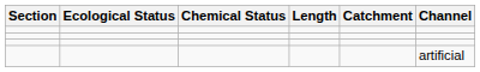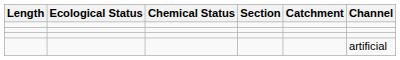 <table class="wikitable">
 <tr>
-<th>Section</th>
+<th>Length</th>
 <th>Ecological Status</th>
 <th>Chemical Status</th>
-<th>Length</th>
+<th>Section</th>
 <th>Catchment</th>
 <th>Channel</th>
 </tr>
 <tr>
 <td></td>
 <td></td>
 <td></td>
 <td></td>
 <td></td>
 <td></td>
 </tr>
 <tr>
 <td></td>
 <td></td>
 <td></td>
 <td></td>
 <td></td>
 <td></td>
 </tr>
 <tr>
 <td></td>
 <td></td>
 <td></td>
 <td></td>
 <td></td>
 <td></td>
 </tr>
 <tr>
 <td></td>
 <td></td>
 <td></td>
 <td></td>
 <td></td>
 <td>artificial</td>
 </tr>
 </table>
